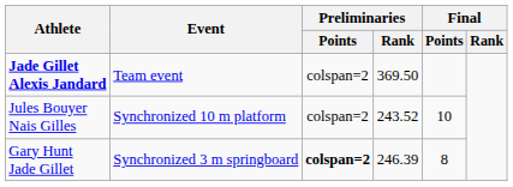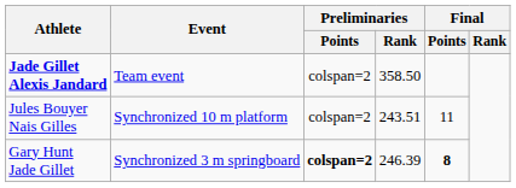 <table class="wikitable" style="text-align:center; font-size:90%">
 <tr>
 <th rowspan="2">Athlete</th>
 <th rowspan="2">Event</th>
 <th colspan="2">Preliminaries</th>
 <th colspan="2">Final</th>
 </tr>
 <tr style="font-size:95%">
 <th>Points</th>
 <th>Rank</th>
 <th>Points</th>
 <th>Rank</th>
 </tr>
 <tr>
 <td align=left><strong><a href='#'>Jade Gillet</a><br><a href='#'>Alexis Jandard</a></strong></td>
 <td align=left><a href='#'>Team event</a></td>
 <td>colspan=2 </td>
-<td>369.50</td>
+<td>358.50</td>
 <td></td>
 </tr>
 <tr>
 <td align=left><a href='#'>Jules Bouyer</a><br><a href='#'>Nais Gilles</a></td>
 <td align=left><a href='#'>Synchronized 10 m platform</a></td>
 <td>colspan=2 </td>
-<td>243.52</td>
-<td>10</td>
+<td>243.51</td>
+<td>11</td>
 </tr>
 <tr>
 <td align=left><a href='#'>Gary Hunt</a><br><a href='#'>Jade Gillet</a></td>
 <td align=left><a href='#'>Synchronized 3 m springboard</a></td>
 <td><strong>colspan=2 </strong></td>
 <td>246.39</td>
-<td>8</td>
+<td><strong>8</strong></td>
 </tr>
 </table>
